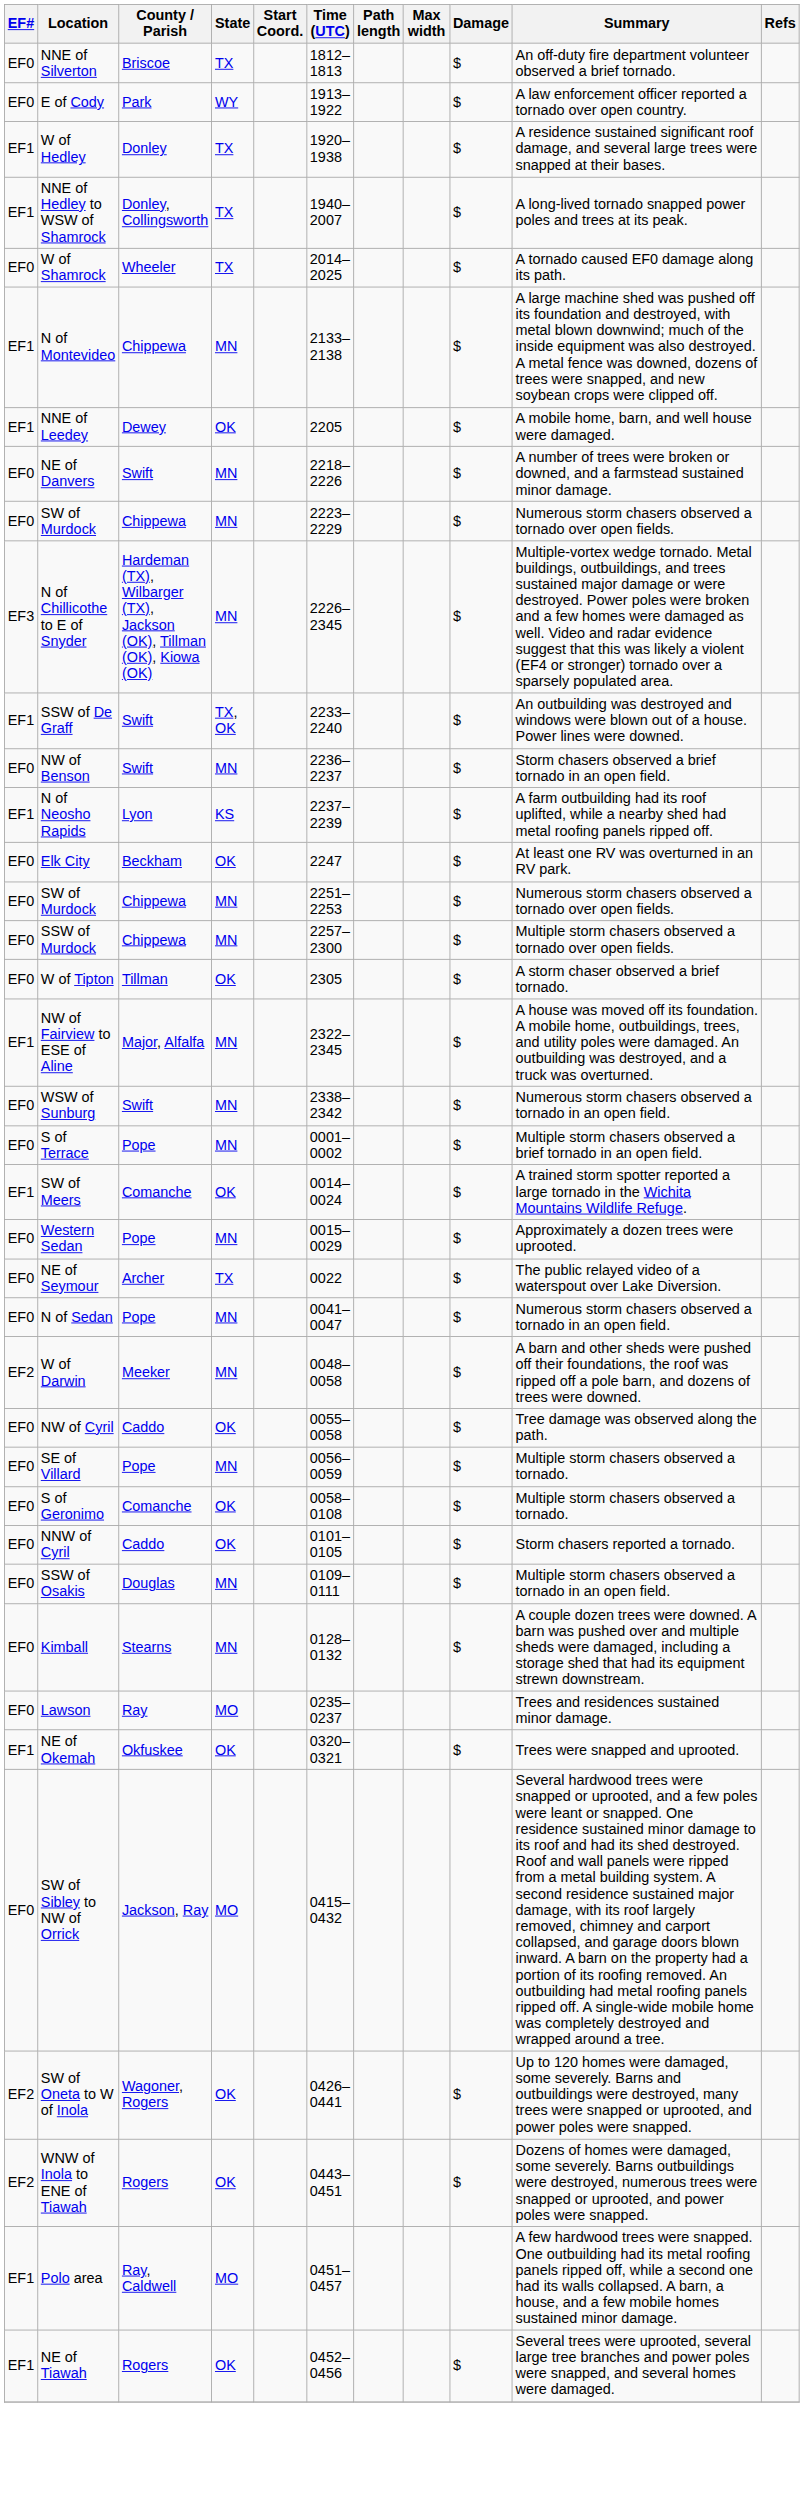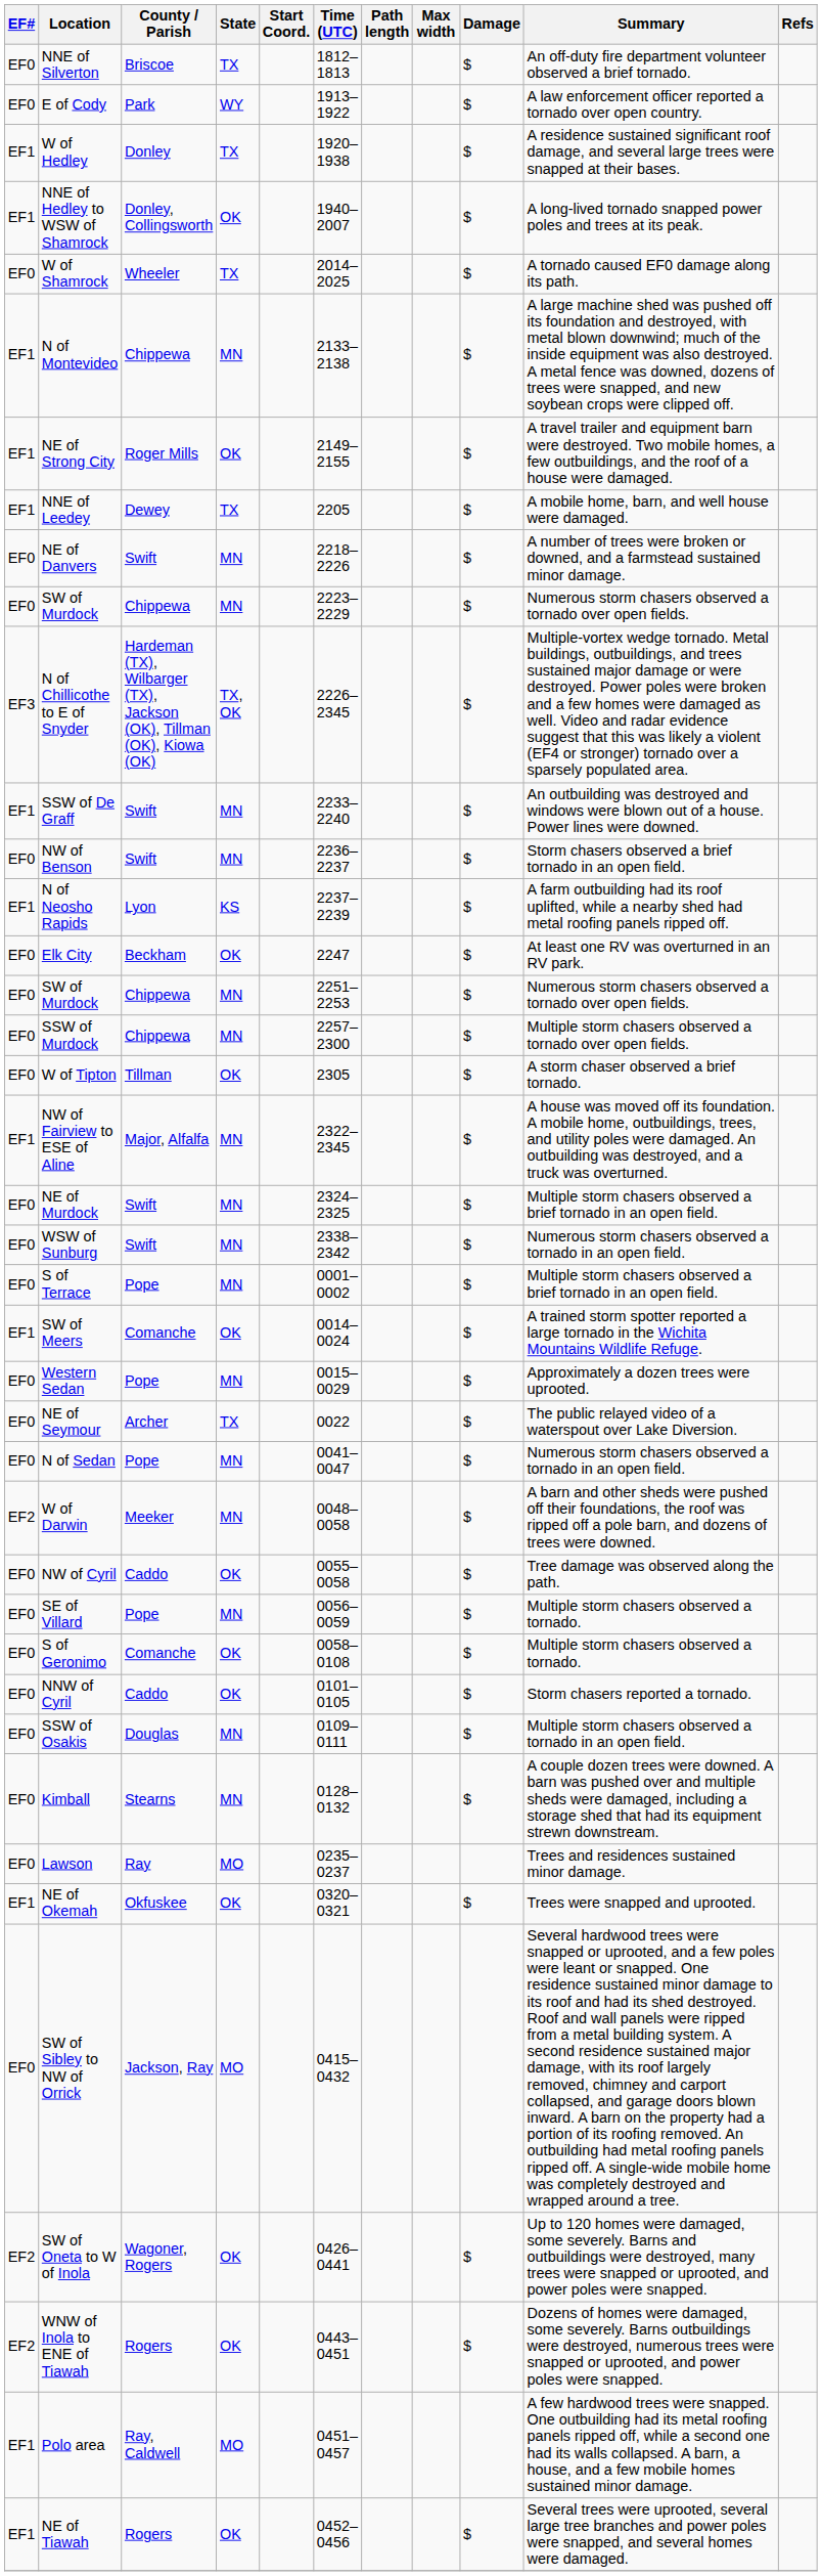 <table class="wikitable sortable" style="width:100%;">
 <tr>
 <th scope="col" width="3%" align="center"><a href='#'>EF#</a></th>
 <th scope="col" width="7%" align="center" class="unsortable">Location</th>
 <th scope="col" width="6%" align="center" class="unsortable">County / Parish</th>
 <th scope="col" width="5%" align="center">State</th>
 <th scope="col" width="6%" align="center">Start Coord.</th>
 <th scope="col" width="6%" align="center">Time (<a href='#'>UTC</a>)</th>
 <th scope="col" width="6%" align="center">Path length</th>
 <th scope="col" width="6%" align="center">Max width</th>
 <th scope="col" width="6%" align="center">Damage</th>
 <th scope="col" width="48%" class="unsortable" align="center">Summary</th>
 <th scope="col" width="48%" class="unsortable" align="center">Refs</th>
 </tr>
 <tr>
 <td>EF0</td>
 <td>NNE of <a href='#'>Silverton</a></td>
 <td><a href='#'>Briscoe</a></td>
 <td><a href='#'>TX</a></td>
 <td></td>
 <td>1812–1813</td>
 <td></td>
 <td></td>
 <td>$</td>
 <td>An off-duty fire department volunteer observed a brief tornado.</td>
 <td></td>
 </tr>
 <tr>
 <td>EF0</td>
 <td>E of <a href='#'>Cody</a></td>
 <td><a href='#'>Park</a></td>
 <td><a href='#'>WY</a></td>
 <td></td>
 <td>1913–1922</td>
 <td></td>
 <td></td>
 <td>$</td>
 <td>A law enforcement officer reported a tornado over open country.</td>
 <td></td>
 </tr>
 <tr>
 <td>EF1</td>
 <td>W of <a href='#'>Hedley</a></td>
 <td><a href='#'>Donley</a></td>
 <td><a href='#'>TX</a></td>
 <td></td>
 <td>1920–1938</td>
 <td></td>
 <td></td>
 <td>$</td>
 <td>A residence sustained significant roof damage, and several large trees were snapped at their bases.</td>
 <td></td>
 </tr>
 <tr>
 <td>EF1</td>
 <td>NNE of <a href='#'>Hedley</a> to WSW of <a href='#'>Shamrock</a></td>
 <td><a href='#'>Donley</a>, <a href='#'>Collingsworth</a></td>
-<td><a href='#'>TX</a></td>
+<td><a href='#'>OK</a></td>
 <td></td>
 <td>1940–2007</td>
 <td></td>
 <td></td>
 <td>$</td>
 <td>A long-lived tornado snapped power poles and trees at its peak.</td>
 <td></td>
 </tr>
 <tr>
 <td>EF0</td>
 <td>W of <a href='#'>Shamrock</a></td>
 <td><a href='#'>Wheeler</a></td>
 <td><a href='#'>TX</a></td>
 <td></td>
 <td>2014–2025</td>
 <td></td>
 <td></td>
 <td>$</td>
 <td>A tornado caused EF0 damage along its path.</td>
 <td></td>
 </tr>
 <tr>
 <td>EF1</td>
 <td>N of <a href='#'>Montevideo</a></td>
 <td><a href='#'>Chippewa</a></td>
 <td><a href='#'>MN</a></td>
 <td></td>
 <td>2133–2138</td>
 <td></td>
 <td></td>
 <td>$</td>
 <td>A large machine shed was pushed off its foundation and destroyed, with metal blown  downwind; much of the inside equipment was also destroyed. A metal fence was downed, dozens of trees were snapped, and new soybean crops were clipped off.</td>
 <td></td>
 </tr>
 <tr>
 <td>EF1</td>
+<td>NE of <a href='#'>Strong City</a></td>
+<td><a href='#'>Roger Mills</a></td>
+<td><a href='#'>OK</a></td>
+<td></td>
+<td>2149–2155</td>
+<td></td>
+<td></td>
+<td>$</td>
+<td>A travel trailer and equipment barn were destroyed. Two mobile homes, a few outbuildings, and the roof of a house were damaged.</td>
+<td></td>
+</tr>
+<tr>
+<td>EF1</td>
 <td>NNE of <a href='#'>Leedey</a></td>
 <td><a href='#'>Dewey</a></td>
-<td><a href='#'>OK</a></td>
+<td><a href='#'>TX</a></td>
 <td></td>
 <td>2205</td>
 <td></td>
 <td></td>
 <td>$</td>
 <td>A mobile home, barn, and well house were damaged.</td>
 <td></td>
 </tr>
 <tr>
 <td>EF0</td>
 <td>NE of <a href='#'>Danvers</a></td>
 <td><a href='#'>Swift</a></td>
 <td><a href='#'>MN</a></td>
 <td></td>
 <td>2218–2226</td>
 <td></td>
 <td></td>
 <td>$</td>
 <td>A number of trees were broken or downed, and a farmstead sustained minor damage.</td>
 <td></td>
 </tr>
 <tr>
 <td>EF0</td>
 <td>SW of <a href='#'>Murdock</a></td>
 <td><a href='#'>Chippewa</a></td>
 <td><a href='#'>MN</a></td>
 <td></td>
 <td>2223–2229</td>
 <td></td>
 <td></td>
 <td>$</td>
 <td>Numerous storm chasers observed a tornado over open fields.</td>
 <td></td>
 </tr>
 <tr>
 <td>EF3</td>
 <td>N of <a href='#'>Chillicothe</a> to E of <a href='#'>Snyder</a></td>
 <td><a href='#'>Hardeman (TX)</a>, <a href='#'>Wilbarger (TX)</a>, <a href='#'>Jackson (OK)</a>, <a href='#'>Tillman (OK)</a>, <a href='#'>Kiowa (OK)</a></td>
-<td><a href='#'>MN</a></td>
+<td><a href='#'>TX</a>, <a href='#'>OK</a></td>
 <td></td>
 <td>2226–2345</td>
 <td></td>
 <td></td>
 <td>$</td>
 <td>Multiple-vortex wedge tornado. Metal buildings, outbuildings, and trees sustained major damage or were destroyed. Power poles were broken and a few homes were damaged as well. Video and radar evidence suggest that this was likely a violent (EF4 or stronger) tornado over a sparsely populated area.</td>
 <td><br><br><br></td>
 </tr>
 <tr>
 <td>EF1</td>
 <td>SSW of <a href='#'>De Graff</a></td>
 <td><a href='#'>Swift</a></td>
-<td><a href='#'>TX</a>, <a href='#'>OK</a></td>
+<td><a href='#'>MN</a></td>
 <td></td>
 <td>2233–2240</td>
 <td></td>
 <td></td>
 <td>$</td>
 <td>An outbuilding was destroyed and windows were blown out of a house. Power lines were downed.</td>
 <td></td>
 </tr>
 <tr>
 <td>EF0</td>
 <td>NW of <a href='#'>Benson</a></td>
 <td><a href='#'>Swift</a></td>
 <td><a href='#'>MN</a></td>
 <td></td>
 <td>2236–2237</td>
 <td></td>
 <td></td>
 <td>$</td>
 <td>Storm chasers observed a brief tornado in an open field.</td>
 <td></td>
 </tr>
 <tr>
 <td>EF1</td>
 <td>N of <a href='#'>Neosho Rapids</a></td>
 <td><a href='#'>Lyon</a></td>
 <td><a href='#'>KS</a></td>
 <td></td>
 <td>2237–2239</td>
 <td></td>
 <td></td>
 <td>$</td>
 <td>A farm outbuilding had its roof uplifted, while a nearby shed had metal roofing panels ripped off.</td>
 <td></td>
 </tr>
 <tr>
 <td>EF0</td>
 <td><a href='#'>Elk City</a></td>
 <td><a href='#'>Beckham</a></td>
 <td><a href='#'>OK</a></td>
 <td></td>
 <td>2247</td>
 <td></td>
 <td></td>
 <td>$</td>
 <td>At least one RV was overturned in an RV park.</td>
 <td></td>
 </tr>
 <tr>
 <td>EF0</td>
 <td>SW of <a href='#'>Murdock</a></td>
 <td><a href='#'>Chippewa</a></td>
 <td><a href='#'>MN</a></td>
 <td></td>
 <td>2251–2253</td>
 <td></td>
 <td></td>
 <td>$</td>
 <td>Numerous storm chasers observed a tornado over open fields.</td>
 <td></td>
 </tr>
 <tr>
 <td>EF0</td>
 <td>SSW of <a href='#'>Murdock</a></td>
 <td><a href='#'>Chippewa</a></td>
 <td><a href='#'>MN</a></td>
 <td></td>
 <td>2257–2300</td>
 <td></td>
 <td></td>
 <td>$</td>
 <td>Multiple storm chasers observed a tornado over open fields.</td>
 <td></td>
 </tr>
 <tr>
 <td>EF0</td>
 <td>W of <a href='#'>Tipton</a></td>
 <td><a href='#'>Tillman</a></td>
 <td><a href='#'>OK</a></td>
 <td></td>
 <td>2305</td>
 <td></td>
 <td></td>
 <td>$</td>
 <td>A storm chaser observed a brief tornado.</td>
 <td></td>
 </tr>
 <tr>
 <td>EF1</td>
 <td>NW of <a href='#'>Fairview</a> to ESE of <a href='#'>Aline</a></td>
 <td><a href='#'>Major</a>, <a href='#'>Alfalfa</a></td>
 <td><a href='#'>MN</a></td>
 <td></td>
 <td>2322–2345</td>
 <td></td>
 <td></td>
 <td>$</td>
 <td>A house was moved off its foundation. A mobile home, outbuildings, trees, and utility poles were damaged. An outbuilding was destroyed, and a truck was overturned.</td>
+<td></td>
+</tr>
+<tr>
+<td>EF0</td>
+<td>NE of <a href='#'>Murdock</a></td>
+<td><a href='#'>Swift</a></td>
+<td><a href='#'>MN</a></td>
+<td></td>
+<td>2324–2325</td>
+<td></td>
+<td></td>
+<td>$</td>
+<td>Multiple storm chasers observed a brief tornado in an open field.</td>
 <td></td>
 </tr>
 <tr>
 <td>EF0</td>
 <td>WSW of <a href='#'>Sunburg</a></td>
 <td><a href='#'>Swift</a></td>
 <td><a href='#'>MN</a></td>
 <td></td>
 <td>2338–2342</td>
 <td></td>
 <td></td>
 <td>$</td>
 <td>Numerous storm chasers observed a tornado in an open field.</td>
 <td></td>
 </tr>
 <tr>
 <td>EF0</td>
 <td>S of <a href='#'>Terrace</a></td>
 <td><a href='#'>Pope</a></td>
 <td><a href='#'>MN</a></td>
 <td></td>
 <td>0001–0002</td>
 <td></td>
 <td></td>
 <td>$</td>
 <td>Multiple storm chasers observed a brief tornado in an open field.</td>
 <td></td>
 </tr>
 <tr>
 <td>EF1</td>
 <td>SW of <a href='#'>Meers</a></td>
 <td><a href='#'>Comanche</a></td>
 <td><a href='#'>OK</a></td>
 <td></td>
 <td>0014–0024</td>
 <td></td>
 <td></td>
 <td>$</td>
 <td>A trained storm spotter reported a large tornado in the <a href='#'>Wichita Mountains Wildlife Refuge</a>.</td>
 <td></td>
 </tr>
 <tr>
 <td>EF0</td>
 <td><a href='#'>Western Sedan</a></td>
 <td><a href='#'>Pope</a></td>
 <td><a href='#'>MN</a></td>
 <td></td>
 <td>0015–0029</td>
 <td></td>
 <td></td>
 <td>$</td>
 <td>Approximately a dozen trees were uprooted.</td>
 <td></td>
 </tr>
 <tr>
 <td>EF0</td>
 <td>NE of <a href='#'>Seymour</a></td>
 <td><a href='#'>Archer</a></td>
 <td><a href='#'>TX</a></td>
 <td></td>
 <td>0022</td>
 <td></td>
 <td></td>
 <td>$</td>
 <td>The public relayed video of a waterspout over Lake Diversion.</td>
 <td></td>
 </tr>
 <tr>
 <td>EF0</td>
 <td>N of <a href='#'>Sedan</a></td>
 <td><a href='#'>Pope</a></td>
 <td><a href='#'>MN</a></td>
 <td></td>
 <td>0041–0047</td>
 <td></td>
 <td></td>
 <td>$</td>
 <td>Numerous storm chasers observed a tornado in an open field.</td>
 <td></td>
 </tr>
 <tr>
 <td>EF2</td>
 <td>W of <a href='#'>Darwin</a></td>
 <td><a href='#'>Meeker</a></td>
 <td><a href='#'>MN</a></td>
 <td></td>
 <td>0048–0058</td>
 <td></td>
 <td></td>
 <td>$</td>
 <td>A barn and other sheds were pushed off their foundations, the roof was ripped off a pole barn, and dozens of trees were downed.</td>
 <td></td>
 </tr>
 <tr>
 <td>EF0</td>
 <td>NW of <a href='#'>Cyril</a></td>
 <td><a href='#'>Caddo</a></td>
 <td><a href='#'>OK</a></td>
 <td></td>
 <td>0055–0058</td>
 <td></td>
 <td></td>
 <td>$</td>
 <td>Tree damage was observed along the path.</td>
 <td></td>
 </tr>
 <tr>
 <td>EF0</td>
 <td>SE of <a href='#'>Villard</a></td>
 <td><a href='#'>Pope</a></td>
 <td><a href='#'>MN</a></td>
 <td></td>
 <td>0056–0059</td>
 <td></td>
 <td></td>
 <td>$</td>
 <td>Multiple storm chasers observed a tornado.</td>
 <td></td>
 </tr>
 <tr>
 <td>EF0</td>
 <td>S of <a href='#'>Geronimo</a></td>
 <td><a href='#'>Comanche</a></td>
 <td><a href='#'>OK</a></td>
 <td></td>
 <td>0058–0108</td>
 <td></td>
 <td></td>
 <td>$</td>
 <td>Multiple storm chasers observed a tornado.</td>
 <td></td>
 </tr>
 <tr>
 <td>EF0</td>
 <td>NNW of <a href='#'>Cyril</a></td>
 <td><a href='#'>Caddo</a></td>
 <td><a href='#'>OK</a></td>
 <td></td>
 <td>0101–0105</td>
 <td></td>
 <td></td>
 <td>$</td>
 <td>Storm chasers reported a tornado.</td>
 <td></td>
 </tr>
 <tr>
 <td>EF0</td>
 <td>SSW of <a href='#'>Osakis</a></td>
 <td><a href='#'>Douglas</a></td>
 <td><a href='#'>MN</a></td>
 <td></td>
 <td>0109–0111</td>
 <td></td>
 <td></td>
 <td>$</td>
 <td>Multiple storm chasers observed a tornado in an open field.</td>
 <td></td>
 </tr>
 <tr>
 <td>EF0</td>
 <td><a href='#'>Kimball</a></td>
 <td><a href='#'>Stearns</a></td>
 <td><a href='#'>MN</a></td>
 <td></td>
 <td>0128–0132</td>
 <td></td>
 <td></td>
 <td>$</td>
 <td>A couple dozen trees were downed. A barn was pushed over and multiple sheds were damaged, including a storage shed that had its equipment strewn downstream.</td>
 <td></td>
 </tr>
 <tr>
 <td>EF0</td>
 <td><a href='#'>Lawson</a></td>
 <td><a href='#'>Ray</a></td>
 <td><a href='#'>MO</a></td>
 <td></td>
 <td>0235–0237</td>
 <td></td>
 <td></td>
 <td></td>
 <td>Trees and residences sustained minor damage.</td>
 <td></td>
 </tr>
 <tr>
 <td>EF1</td>
 <td>NE of <a href='#'>Okemah</a></td>
 <td><a href='#'>Okfuskee</a></td>
 <td><a href='#'>OK</a></td>
 <td></td>
 <td>0320–0321</td>
 <td></td>
 <td></td>
 <td>$</td>
 <td>Trees were snapped and uprooted.</td>
 <td></td>
 </tr>
 <tr>
 <td>EF0</td>
 <td>SW of <a href='#'>Sibley</a> to NW of <a href='#'>Orrick</a></td>
 <td><a href='#'>Jackson</a>, <a href='#'>Ray</a></td>
 <td><a href='#'>MO</a></td>
 <td></td>
 <td>0415–0432</td>
 <td></td>
 <td></td>
 <td></td>
 <td>Several hardwood trees were snapped or uprooted, and a few poles were leant or snapped. One residence sustained minor damage to its roof and had its shed destroyed. Roof and wall panels were ripped from a metal building system. A second residence sustained major damage, with its roof largely removed, chimney and carport collapsed, and garage doors blown inward. A barn on the property had a portion of its roofing removed. An outbuilding had metal roofing panels ripped off. A single-wide mobile home was completely destroyed and wrapped around a tree.</td>
 <td></td>
 </tr>
 <tr>
 <td>EF2</td>
 <td>SW of <a href='#'>Oneta</a> to W of <a href='#'>Inola</a></td>
 <td><a href='#'>Wagoner</a>, <a href='#'>Rogers</a></td>
 <td><a href='#'>OK</a></td>
 <td></td>
 <td>0426–0441</td>
 <td></td>
 <td></td>
 <td>$</td>
 <td>Up to 120 homes were damaged, some severely. Barns and outbuildings were destroyed, many trees were snapped or uprooted, and power poles were snapped.</td>
 <td></td>
 </tr>
 <tr>
 <td>EF2</td>
 <td>WNW of <a href='#'>Inola</a> to ENE of <a href='#'>Tiawah</a></td>
 <td><a href='#'>Rogers</a></td>
 <td><a href='#'>OK</a></td>
 <td></td>
 <td>0443–0451</td>
 <td></td>
 <td></td>
 <td>$</td>
 <td>Dozens of homes were damaged, some severely. Barns outbuildings were destroyed, numerous trees were snapped or uprooted, and power poles were snapped.</td>
 <td></td>
 </tr>
 <tr>
 <td>EF1</td>
 <td><a href='#'>Polo</a> area</td>
 <td><a href='#'>Ray</a>, <a href='#'>Caldwell</a></td>
 <td><a href='#'>MO</a></td>
 <td></td>
 <td>0451–0457</td>
 <td></td>
 <td></td>
 <td></td>
 <td>A few hardwood trees were snapped. One outbuilding had its metal roofing panels ripped off, while a second one had its walls collapsed. A barn, a house, and a few mobile homes sustained minor damage.</td>
 <td></td>
 </tr>
 <tr>
 <td>EF1</td>
 <td>NE of <a href='#'>Tiawah</a></td>
 <td><a href='#'>Rogers</a></td>
 <td><a href='#'>OK</a></td>
 <td></td>
 <td>0452–0456</td>
 <td></td>
 <td></td>
 <td>$</td>
 <td>Several trees were uprooted, several large tree branches and power poles were snapped, and several homes were damaged.</td>
 <td></td>
 </tr>
 <tr>
 </tr>
 </table>
